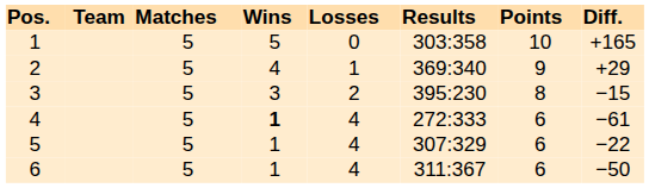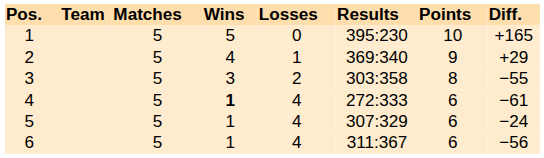 <table style="text-align:left" border="0" cellspacing="0" align="right" width="500px">
 <tr bgcolor="#FFDEAD">
 <th>Pos.</th>
 <th align="center">Team</th>
 <th>Matches</th>
 <th>Wins</th>
 <th>Losses</th>
 <th>Results</th>
 <th>Points</th>
 <th>Diff.</th>
 </tr>
 <tr bgcolor="#FFECCE" align="center">
 <td>1</td>
 <td align="left"></td>
 <td>5</td>
 <td>5</td>
 <td>0</td>
-<td>303:358</td>
+<td>395:230</td>
 <td>10</td>
 <td>+165</td>
 </tr>
 <tr bgcolor="#FFECCE" align="center">
 <td>2</td>
 <td align="left"></td>
 <td>5</td>
 <td>4</td>
 <td>1</td>
 <td>369:340</td>
 <td>9</td>
 <td>+29</td>
 </tr>
 <tr bgcolor="#FFECCE" align="center">
 <td>3</td>
 <td align="left"></td>
 <td>5</td>
 <td>3</td>
 <td>2</td>
-<td>395:230</td>
+<td>303:358</td>
 <td>8</td>
-<td>−15</td>
+<td>−55</td>
 </tr>
 <tr bgcolor="#FFECCE" align="center">
 <td>4</td>
 <td align="left"></td>
 <td>5</td>
 <td><strong>1</strong></td>
 <td>4</td>
 <td>272:333</td>
 <td>6</td>
 <td>−61</td>
 </tr>
 <tr bgcolor="#FFECCE" align="center">
 <td>5</td>
 <td align="left"></td>
 <td>5</td>
 <td>1</td>
 <td>4</td>
 <td>307:329</td>
 <td>6</td>
-<td>−22</td>
+<td>−24</td>
 </tr>
 <tr bgcolor="#FFECCE" align="center">
 <td>6</td>
 <td align="left"></td>
 <td>5</td>
 <td>1</td>
 <td>4</td>
 <td>311:367</td>
 <td>6</td>
-<td>−50</td>
+<td>−56</td>
 </tr>
 </table>
